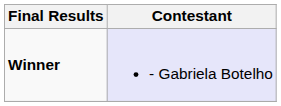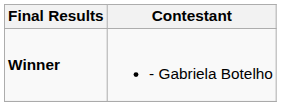 <table class="wikitable">
 <tr>
 <th>Final Results</th>
 <th>Contestant</th>
 </tr>
 <tr>
 <td><strong>Winner</strong></td>
-<td style="background: lavender;"><br><ul><li><strong></strong> - Gabriela Botelho</li></ul></td>
+<td><br><ul><li><strong></strong> - Gabriela Botelho</li></ul></td>
 </tr>
 <tr>
 </tr>
 </table>
